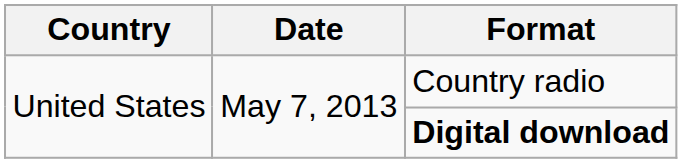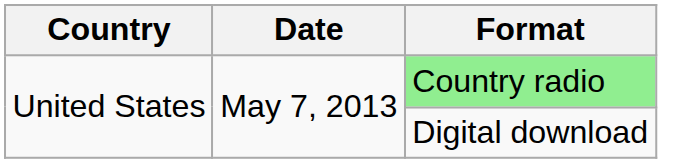 <table class="wikitable plainrowheaders">
 <tr>
 <th scope="col">Country</th>
 <th scope="col">Date</th>
 <th scope="col">Format</th>
 </tr>
 <tr>
 <td rowspan="2">United States</td>
 <td rowspan="2">May 7, 2013</td>
-<td>Country radio</td>
+<td style="background: lightgreen;">Country radio</td>
 </tr>
 <tr>
-<td><strong>Digital download</strong></td>
+<td>Digital download</td>
 </tr>
 </table>
